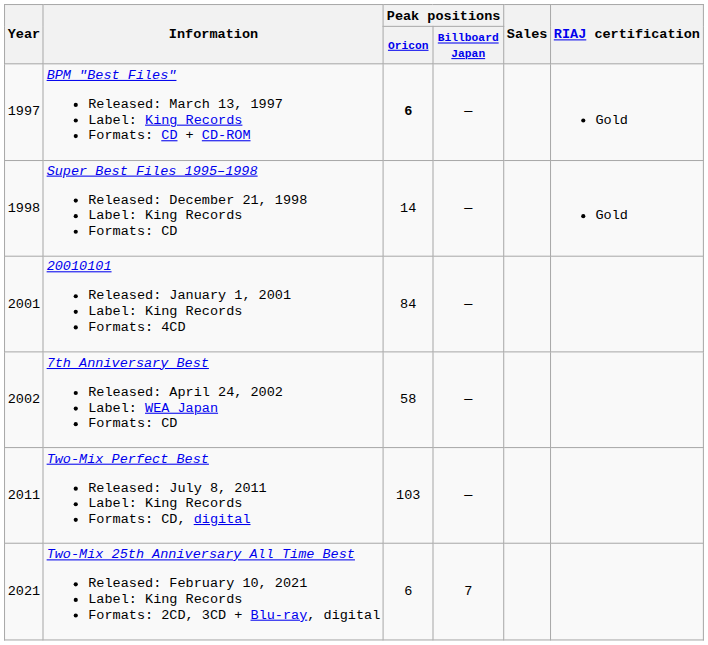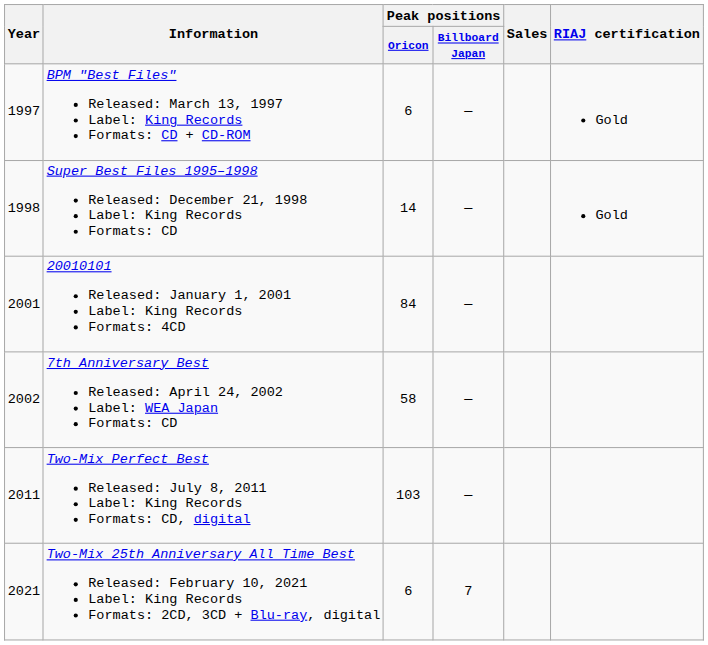 <table class="wikitable">
 <tr>
 <th rowspan="2">Year</th>
 <th rowspan="2">Information</th>
 <th colspan="2">Peak positions</th>
 <th rowspan="2">Sales<br></th>
 <th rowspan="2"><a href='#'>RIAJ</a> certification</th>
 </tr>
 <tr>
 <th><small><a href='#'>Oricon</a></small><br></th>
 <th><small><a href='#'>Billboard<br>Japan</a></small><br></th>
 </tr>
 <tr>
 <td>1997</td>
 <td><em><a href='#'>BPM "Best Files"</a></em><br><ul><li>Released: March 13, 1997</li><li>Label: <a href='#'>King Records</a></li><li>Formats: <a href='#'>CD</a> + <a href='#'>CD-ROM</a></li></ul></td>
-<td style="text-align:center;"><strong>6</strong></td>
+<td style="text-align:center;">6</td>
 <td style="text-align:center;">—</td>
 <td align="left"></td>
 <td align="left"><br><ul><li>Gold</li></ul></td>
 </tr>
 <tr>
 <td>1998</td>
 <td><em><a href='#'>Super Best Files 1995–1998</a></em><br><ul><li>Released: December 21, 1998</li><li>Label: King Records</li><li>Formats: CD</li></ul></td>
 <td style="text-align:center;">14</td>
 <td style="text-align:center;">—</td>
 <td align="left"></td>
 <td align="left"><br><ul><li>Gold</li></ul></td>
 </tr>
 <tr>
 <td>2001</td>
 <td><em><a href='#'>20010101</a></em><br><ul><li>Released: January 1, 2001</li><li>Label: King Records</li><li>Formats: 4CD</li></ul></td>
 <td style="text-align:center;">84</td>
 <td style="text-align:center;">—</td>
 <td align="left"></td>
 <td align="left"></td>
 </tr>
 <tr>
 <td>2002</td>
 <td><em><a href='#'>7th Anniversary Best</a></em><br><ul><li>Released: April 24, 2002</li><li>Label: <a href='#'>WEA Japan</a></li><li>Formats: CD</li></ul></td>
 <td style="text-align:center;">58</td>
 <td style="text-align:center;">—</td>
 <td align="left"></td>
 <td align="left"></td>
 </tr>
 <tr>
 <td>2011</td>
 <td><em><a href='#'>Two-Mix Perfect Best</a></em><br><ul><li>Released: July 8, 2011</li><li>Label: King Records</li><li>Formats: CD, <a href='#'>digital</a></li></ul></td>
 <td style="text-align:center;">103</td>
 <td style="text-align:center;">—</td>
 <td align="left"></td>
 <td align="left"></td>
 </tr>
 <tr>
 <td>2021</td>
 <td><em><a href='#'>Two-Mix 25th Anniversary All Time Best</a></em><br><ul><li>Released: February 10, 2021</li><li>Label: King Records</li><li>Formats: 2CD, 3CD + <a href='#'>Blu-ray</a>, digital</li></ul></td>
 <td style="text-align:center;">6</td>
 <td style="text-align:center;">7</td>
 <td align="left"></td>
 <td align="left"></td>
 </tr>
 </table>
